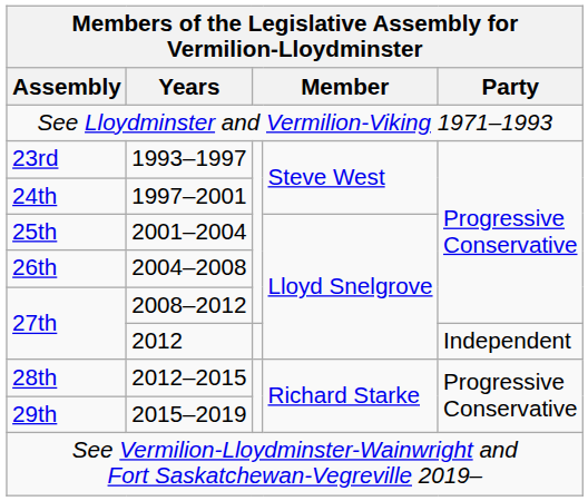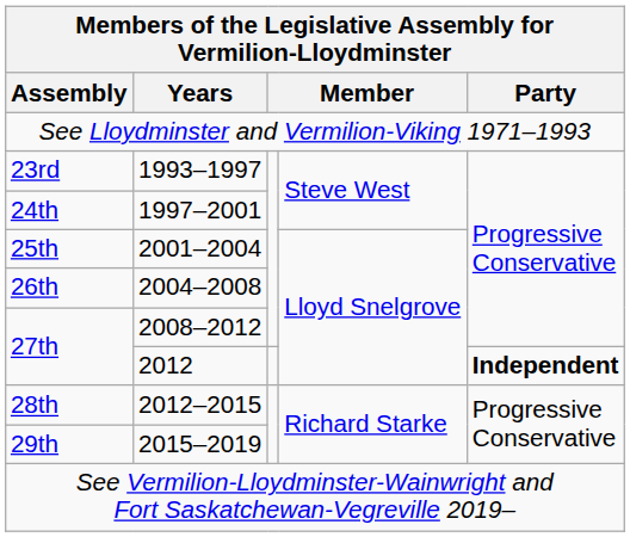 <table class="wikitable" align=right>
 <tr>
 <th colspan=5>Members of the Legislative Assembly for<br>Vermilion-Lloydminster</th>
 </tr>
 <tr>
 <th>Assembly</th>
 <th>Years</th>
 <th colspan="2">Member</th>
 <th>Party</th>
 </tr>
 <tr>
 <td align="center" colspan=5><em>See  <a href='#'>Lloydminster</a> and <a href='#'>Vermilion-Viking</a> 1971–1993</em></td>
 </tr>
 <tr>
 <td><a href='#'>23rd</a></td>
 <td>1993–1997</td>
 <td rowspan=5 ></td>
 <td rowspan=2><a href='#'>Steve West</a></td>
 <td rowspan=5><a href='#'>Progressive<br>Conservative</a></td>
 </tr>
 <tr>
 <td><a href='#'>24th</a></td>
 <td>1997–2001</td>
 </tr>
 <tr>
 <td><a href='#'>25th</a></td>
 <td>2001–2004</td>
 <td rowspan=4><a href='#'>Lloyd Snelgrove</a></td>
 </tr>
 <tr>
 <td><a href='#'>26th</a></td>
 <td>2004–2008</td>
 </tr>
 <tr>
 <td rowspan=2><a href='#'>27th</a></td>
 <td>2008–2012</td>
 </tr>
 <tr>
 <td>2012</td>
 <td></td>
-<td>Independent</td>
+<td><strong>Independent</strong></td>
 </tr>
 <tr>
 <td><a href='#'>28th</a></td>
 <td>2012–2015</td>
 <td rowspan=2 ></td>
 <td rowspan=2><a href='#'>Richard Starke</a></td>
 <td rowspan=2>Progressive<br>Conservative</td>
 </tr>
 <tr>
 <td><a href='#'>29th</a></td>
 <td>2015–2019</td>
 </tr>
 <tr>
 <td align="center" colspan=5><em>See <a href='#'>Vermilion-Lloydminster-Wainwright</a> and <br><a href='#'>Fort Saskatchewan-Vegreville</a> 2019–</em></td>
 </tr>
 </table>
